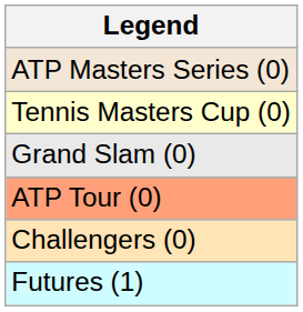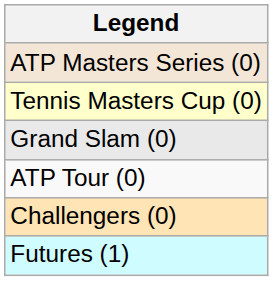 <table class="wikitable sortable mw-collapsible mw-collapsed">
 <tr>
 <th>Legend</th>
 </tr>
 <tr style="background:#f3e6d7;">
 <td>ATP Masters Series (0)</td>
 </tr>
 <tr style="background:#ffffcc;">
 <td>Tennis Masters Cup (0)</td>
 </tr>
 <tr style="background:#e9e9e9;">
 <td>Grand Slam (0)</td>
 </tr>
 <tr>
-<td style="background: lightsalmon;">ATP Tour (0)</td>
+<td>ATP Tour (0)</td>
 </tr>
 <tr bgcolor="moccasin">
 <td>Challengers (0)</td>
 </tr>
 <tr bgcolor="CFFCFF">
 <td>Futures (1)</td>
 </tr>
 </table>
